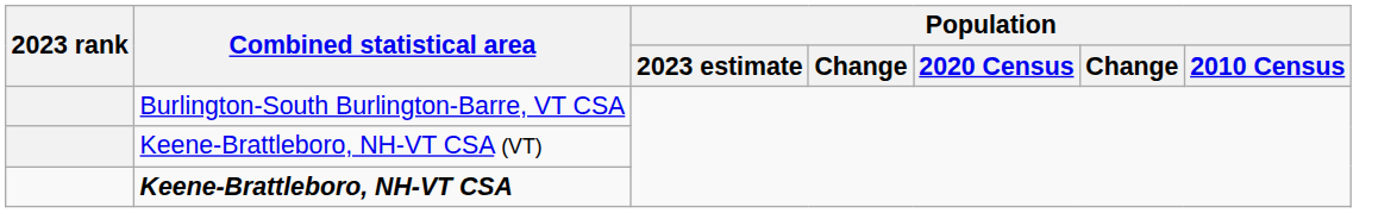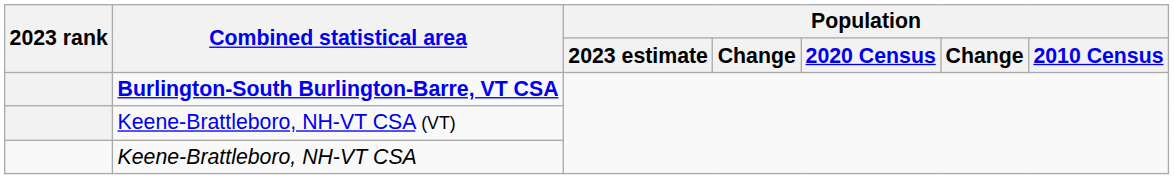 <table class="wikitable sortable">
 <tr>
 <th scope=col rowspan=2>2023 rank</th>
 <th scope=col rowspan=2><a href='#'>Combined statistical area</a></th>
 <th colspan=5>Population</th>
 </tr>
 <tr>
 <th scope=col>2023 estimate</th>
 <th scope=col>Change</th>
 <th scope=col><a href='#'>2020 Census</a></th>
 <th scope=col>Change</th>
 <th scope=col><a href='#'>2010 Census</a></th>
 </tr>
 <tr>
 <th scope=row></th>
-<td><a href='#'>Burlington-South Burlington-Barre, VT CSA</a><br></td>
+<td><strong><a href='#'>Burlington-South Burlington-Barre, VT CSA</a><br></strong></td>
 </tr>
 <tr>
 <th scope=row></th>
 <td><a href='#'>Keene-Brattleboro, NH-VT CSA</a> <small>(VT)</small><br></td>
 </tr>
 <tr>
 <td></td>
-<td><strong><em><span>Keene-Brattleboro, NH-VT CSA</span></em><br></strong></td>
+<td><em><span>Keene-Brattleboro, NH-VT CSA</span></em><br></td>
 </tr>
 </table>
